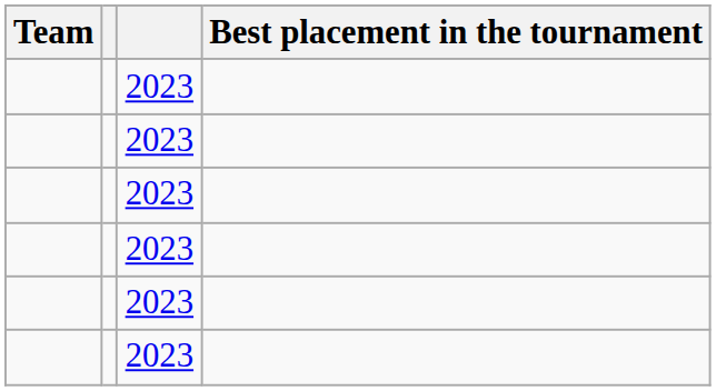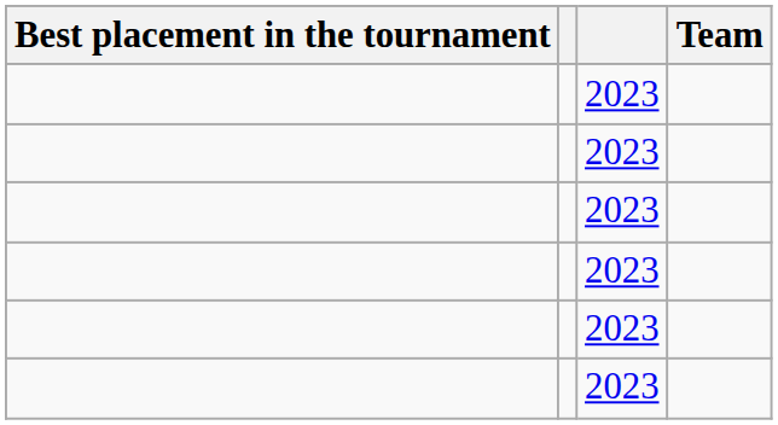 <table class="wikitable sortable">
 <tr>
-<th>Team</th>
+<th>Best placement in the tournament</th>
 <th></th>
 <th></th>
-<th>Best placement in the tournament</th>
+<th>Team</th>
 </tr>
 <tr>
 <td></td>
 <td></td>
 <td><a href='#'>2023</a></td>
 <td></td>
 </tr>
 <tr>
 <td></td>
 <td></td>
 <td><a href='#'>2023</a></td>
 <td></td>
 </tr>
 <tr>
 <td></td>
 <td></td>
 <td><a href='#'>2023</a></td>
 <td></td>
 </tr>
 <tr>
 <td></td>
 <td></td>
 <td><a href='#'>2023</a></td>
 <td></td>
 </tr>
 <tr>
 <td></td>
 <td></td>
 <td><a href='#'>2023</a></td>
 <td></td>
 </tr>
 <tr>
 <td></td>
 <td></td>
 <td><a href='#'>2023</a></td>
 <td></td>
 </tr>
 </table>
